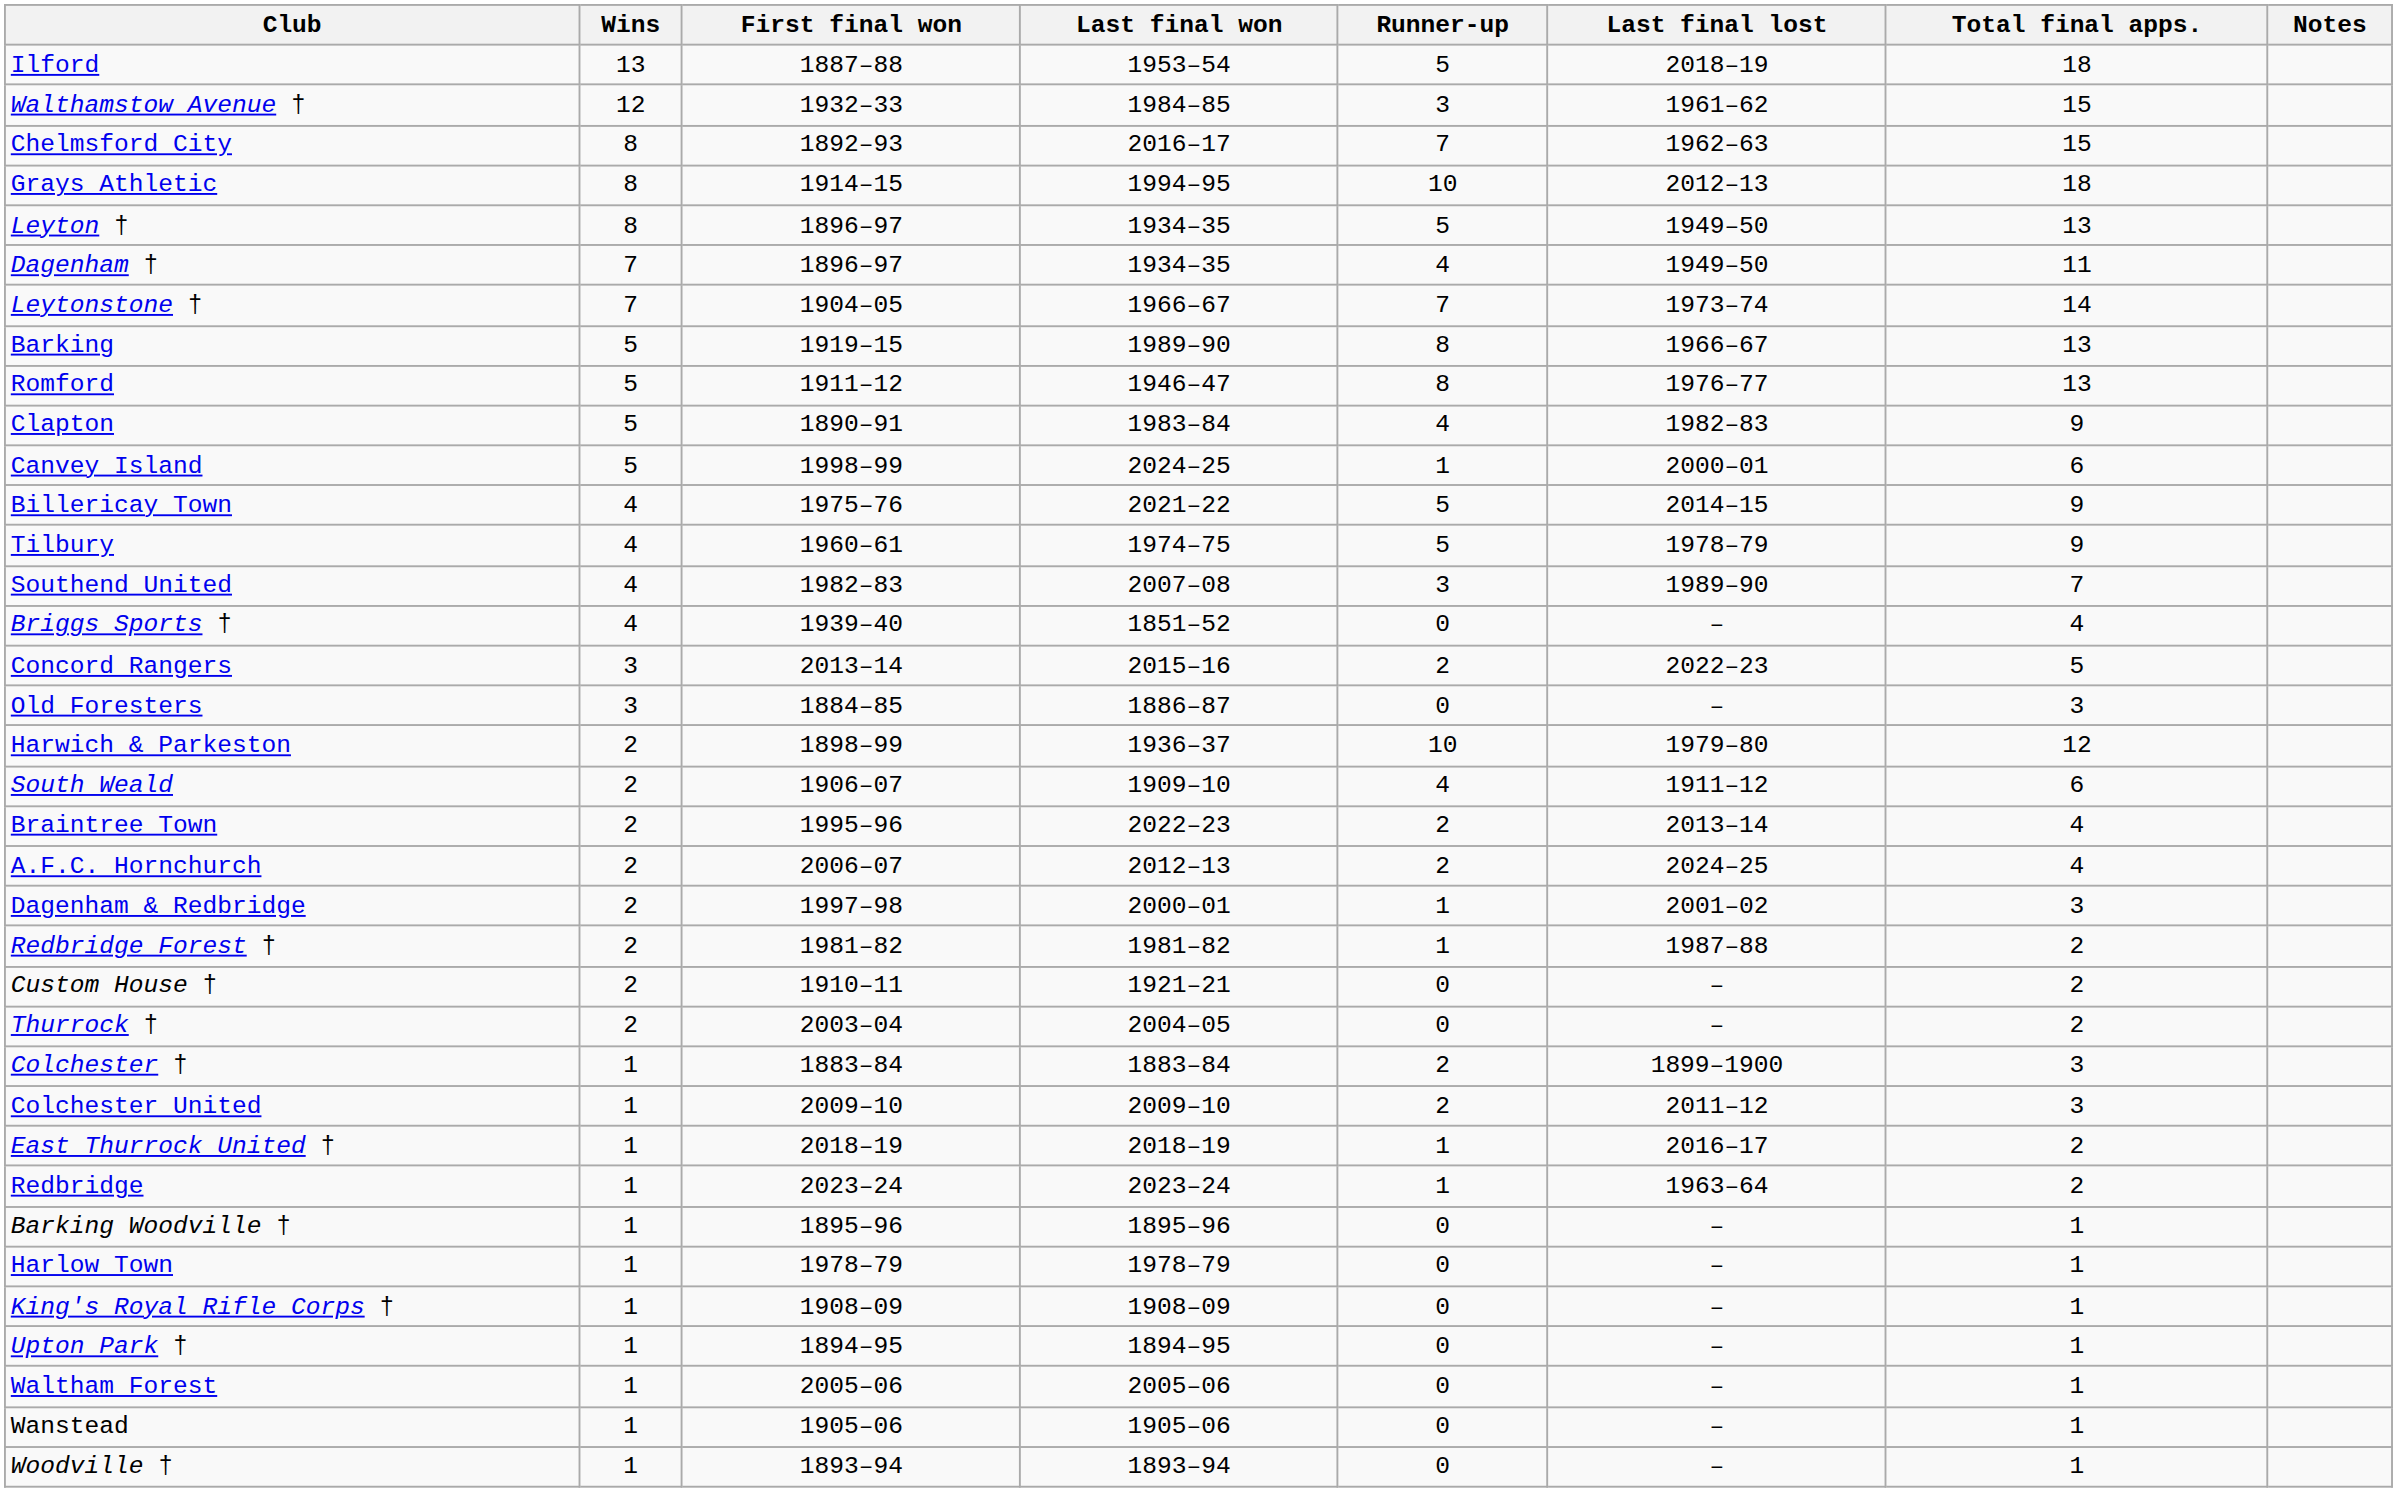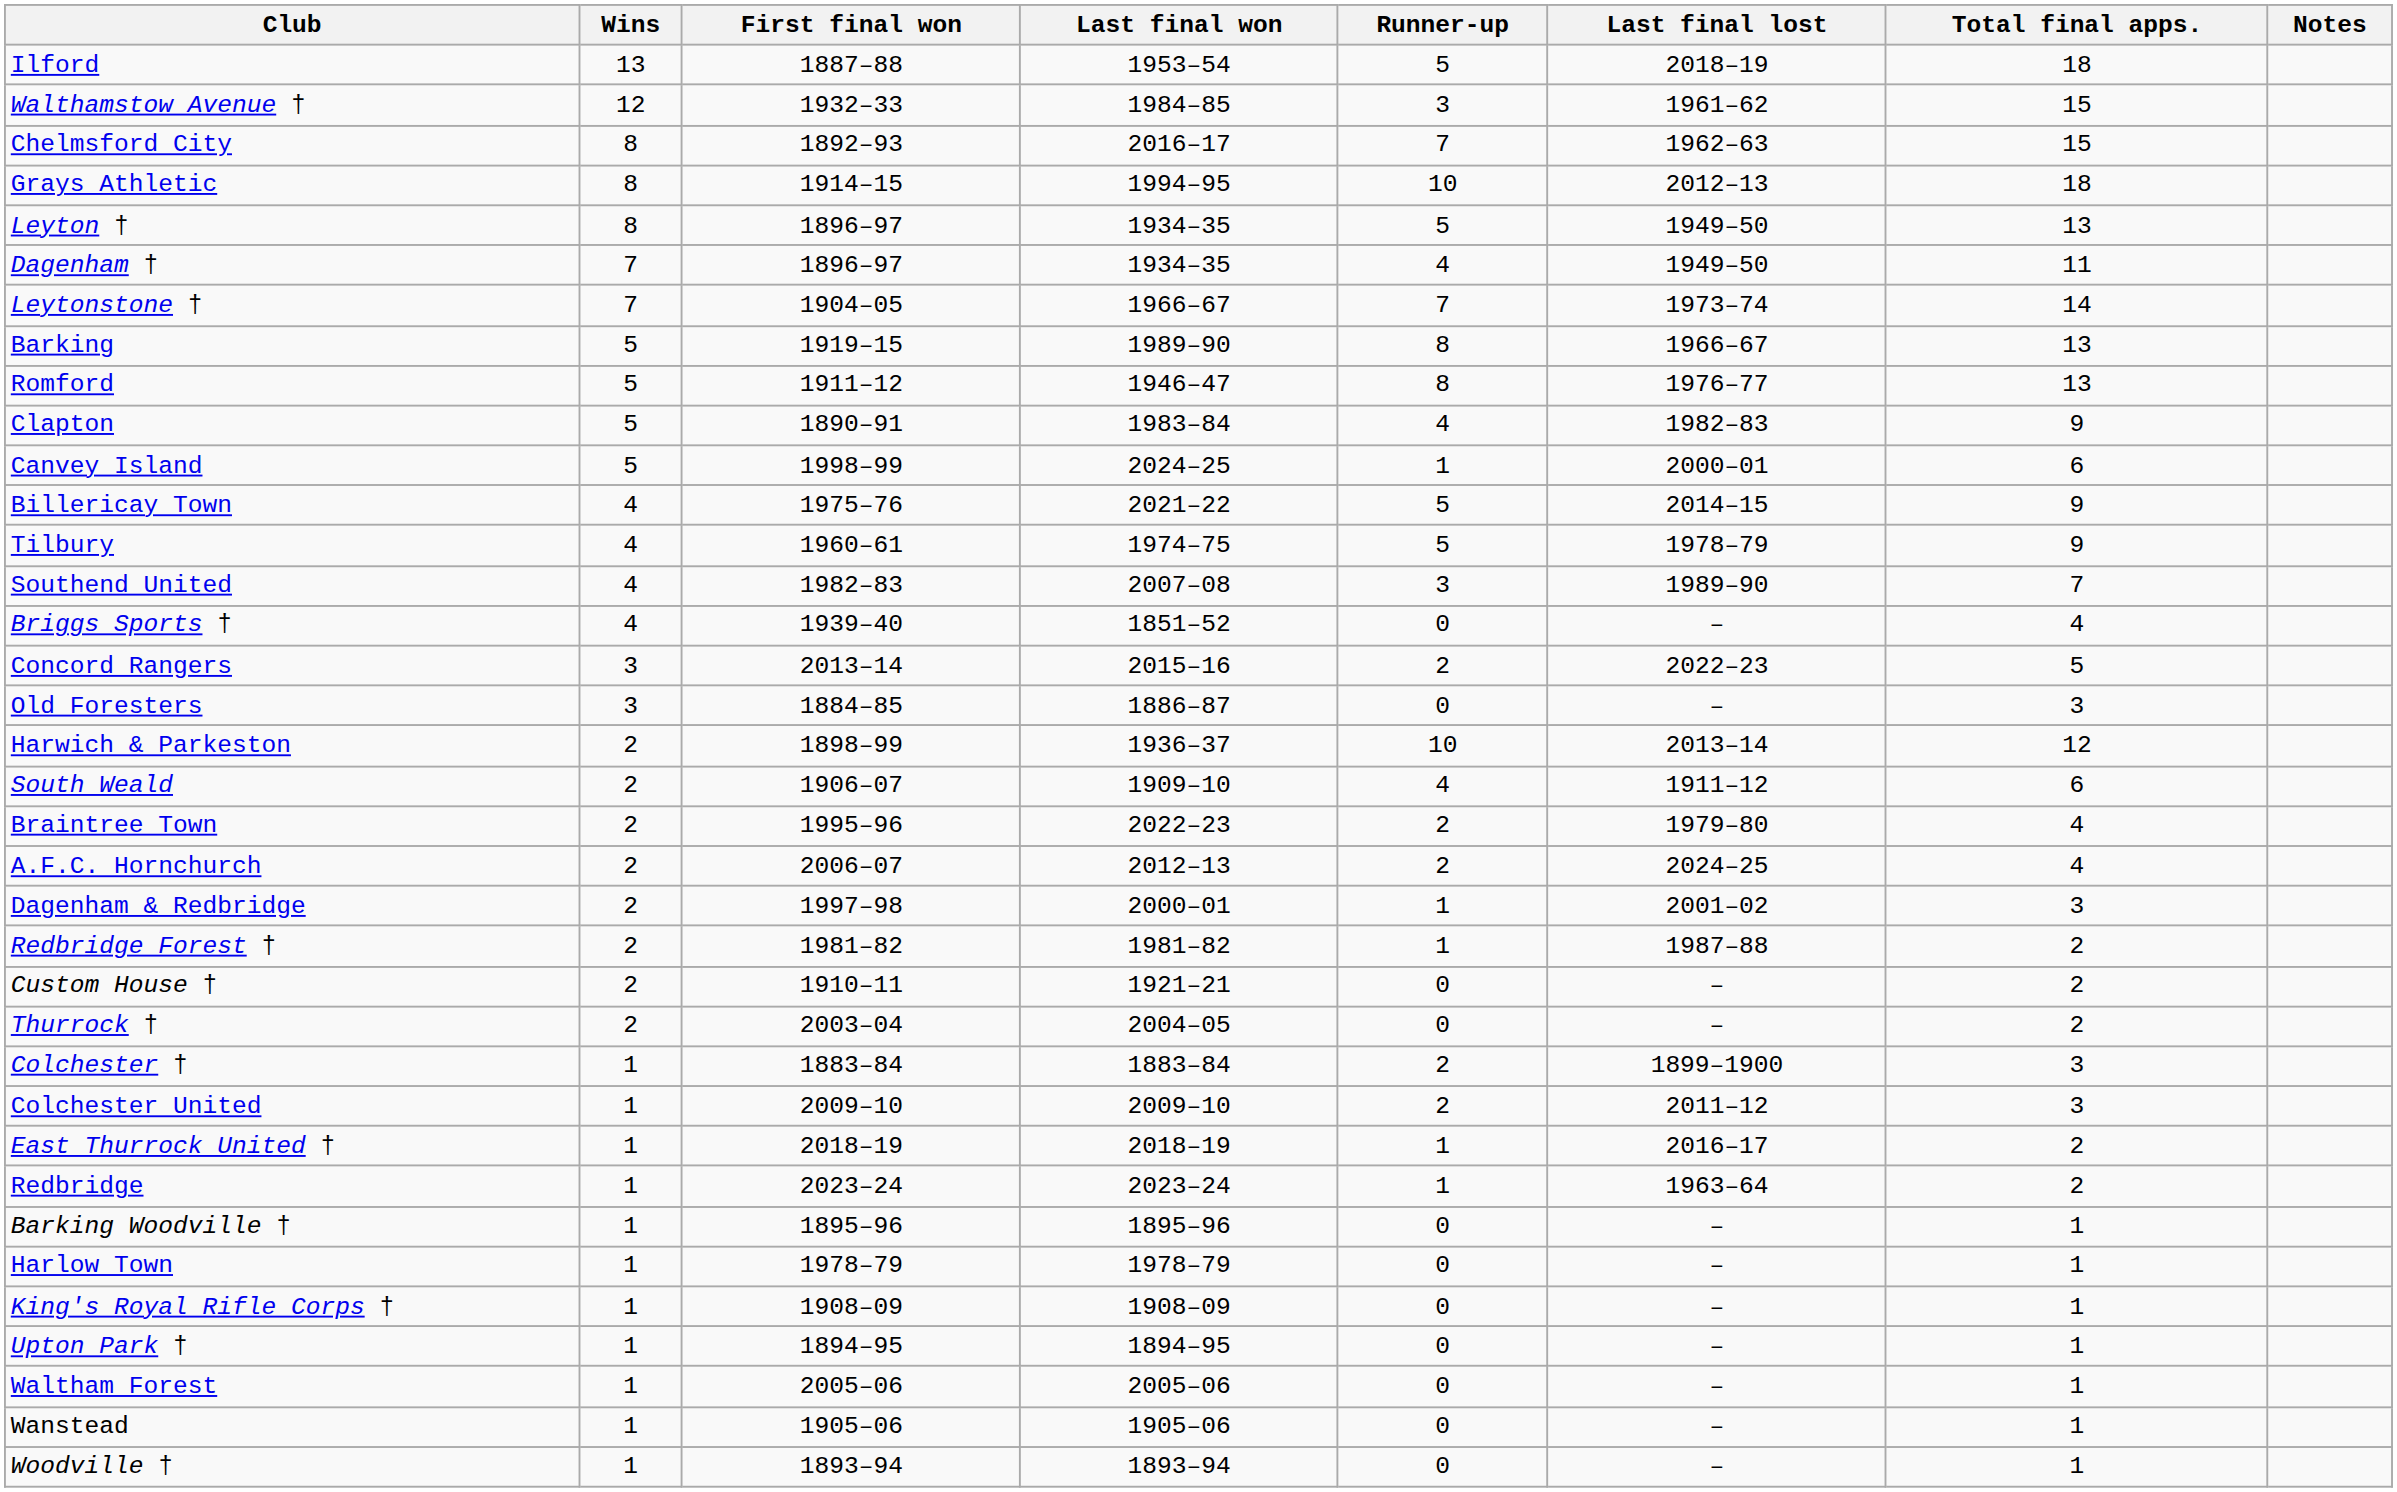 <table class="wikitable sortable" style="text-align: center; width: 100%">
 <tr>
 <th>Club</th>
 <th>Wins</th>
 <th>First final won</th>
 <th>Last final won</th>
 <th>Runner-up</th>
 <th>Last final lost</th>
 <th>Total final apps.</th>
 <th>Notes</th>
 </tr>
 <tr>
 <td style="text-align: left"><a href='#'>Ilford</a></td>
 <td>13</td>
 <td>1887–88</td>
 <td>1953–54</td>
 <td>5</td>
 <td>2018–19</td>
 <td>18</td>
 <td></td>
 </tr>
 <tr>
 <td style="text-align: left"><em><a href='#'>Walthamstow Avenue</a></em> †</td>
 <td>12</td>
 <td>1932–33</td>
 <td>1984–85</td>
 <td>3</td>
 <td>1961–62</td>
 <td>15</td>
 <td></td>
 </tr>
 <tr>
 <td style="text-align: left"><a href='#'>Chelmsford City</a></td>
 <td>8</td>
 <td>1892–93</td>
 <td>2016–17</td>
 <td>7</td>
 <td>1962–63</td>
 <td>15</td>
 <td></td>
 </tr>
 <tr>
 <td style="text-align: left"><a href='#'>Grays Athletic</a></td>
 <td>8</td>
 <td>1914–15</td>
 <td>1994–95</td>
 <td>10</td>
 <td>2012–13</td>
 <td>18</td>
 <td></td>
 </tr>
 <tr>
 <td style="text-align: left"><em><a href='#'>Leyton</a></em> †</td>
 <td>8</td>
 <td>1896–97</td>
 <td>1934–35</td>
 <td>5</td>
 <td>1949–50</td>
 <td>13</td>
 <td></td>
 </tr>
 <tr>
 <td style="text-align: left"><em><a href='#'>Dagenham</a></em> †</td>
 <td>7</td>
 <td>1896–97</td>
 <td>1934–35</td>
 <td>4</td>
 <td>1949–50</td>
 <td>11</td>
 <td></td>
 </tr>
 <tr>
 <td style="text-align: left"><em><a href='#'>Leytonstone</a></em> †</td>
 <td>7</td>
 <td>1904–05</td>
 <td>1966–67</td>
 <td>7</td>
 <td>1973–74</td>
 <td>14</td>
 <td></td>
 </tr>
 <tr>
 <td style="text-align: left"><a href='#'>Barking</a></td>
 <td>5</td>
 <td>1919–15</td>
 <td>1989–90</td>
 <td>8</td>
 <td>1966–67</td>
 <td>13</td>
 <td></td>
 </tr>
 <tr>
 <td style="text-align: left"><a href='#'>Romford</a></td>
 <td>5</td>
 <td>1911–12</td>
 <td>1946–47</td>
 <td>8</td>
 <td>1976–77</td>
 <td>13</td>
 <td></td>
 </tr>
 <tr>
 <td style="text-align: left"><a href='#'>Clapton</a></td>
 <td>5</td>
 <td>1890–91</td>
 <td>1983–84</td>
 <td>4</td>
 <td>1982–83</td>
 <td>9</td>
 <td></td>
 </tr>
 <tr>
 <td style="text-align: left"><a href='#'>Canvey Island</a></td>
 <td>5</td>
 <td>1998–99</td>
 <td>2024–25</td>
 <td>1</td>
 <td>2000–01</td>
 <td>6</td>
 <td></td>
 </tr>
 <tr>
 <td style="text-align: left"><a href='#'>Billericay Town</a></td>
 <td>4</td>
 <td>1975–76</td>
 <td>2021–22</td>
 <td>5</td>
 <td>2014–15</td>
 <td>9</td>
 <td></td>
 </tr>
 <tr>
 <td style="text-align: left"><a href='#'>Tilbury</a></td>
 <td>4</td>
 <td>1960–61</td>
 <td>1974–75</td>
 <td>5</td>
 <td>1978–79</td>
 <td>9</td>
 <td></td>
 </tr>
 <tr>
 <td style="text-align: left"><a href='#'>Southend United</a></td>
 <td>4</td>
 <td>1982–83</td>
 <td>2007–08</td>
 <td>3</td>
 <td>1989–90</td>
 <td>7</td>
 <td></td>
 </tr>
 <tr>
 <td style="text-align: left"><em><a href='#'>Briggs Sports</a></em> †</td>
 <td>4</td>
 <td>1939–40</td>
 <td>1851–52</td>
 <td>0</td>
 <td>–</td>
 <td>4</td>
 <td></td>
 </tr>
 <tr>
 <td style="text-align: left"><a href='#'>Concord Rangers</a></td>
 <td>3</td>
 <td>2013–14</td>
 <td>2015–16</td>
 <td>2</td>
 <td>2022–23</td>
 <td>5</td>
 <td></td>
 </tr>
 <tr>
 <td style="text-align: left"><a href='#'>Old Foresters</a></td>
 <td>3</td>
 <td>1884–85</td>
 <td>1886–87</td>
 <td>0</td>
 <td>–</td>
 <td>3</td>
 <td></td>
 </tr>
 <tr>
 <td style="text-align: left"><a href='#'>Harwich & Parkeston</a></td>
 <td>2</td>
 <td>1898–99</td>
 <td>1936–37</td>
 <td>10</td>
-<td>1979–80</td>
+<td>2013–14</td>
 <td>12</td>
 <td></td>
 </tr>
 <tr>
 <td style="text-align: left"><em><a href='#'>South Weald</a></em></td>
 <td>2</td>
 <td>1906–07</td>
 <td>1909–10</td>
 <td>4</td>
 <td>1911–12</td>
 <td>6</td>
 <td></td>
 </tr>
 <tr>
 <td style="text-align: left"><a href='#'>Braintree Town</a></td>
 <td>2</td>
 <td>1995–96</td>
 <td>2022–23</td>
 <td>2</td>
-<td>2013–14</td>
+<td>1979–80</td>
 <td>4</td>
 <td></td>
 </tr>
 <tr>
 <td style="text-align: left"><a href='#'>A.F.C. Hornchurch</a></td>
 <td>2</td>
 <td>2006–07</td>
 <td>2012–13</td>
 <td>2</td>
 <td>2024–25</td>
 <td>4</td>
 <td></td>
 </tr>
 <tr>
 <td style="text-align: left"><a href='#'>Dagenham & Redbridge</a></td>
 <td>2</td>
 <td>1997–98</td>
 <td>2000–01</td>
 <td>1</td>
 <td>2001–02</td>
 <td>3</td>
 <td></td>
 </tr>
 <tr>
 <td style="text-align: left"><em><a href='#'>Redbridge Forest</a></em> †</td>
 <td>2</td>
 <td>1981–82</td>
 <td>1981–82</td>
 <td>1</td>
 <td>1987–88</td>
 <td>2</td>
 <td></td>
 </tr>
 <tr>
 <td style="text-align: left"><em>Custom House</em> †</td>
 <td>2</td>
 <td>1910–11</td>
 <td>1921–21</td>
 <td>0</td>
 <td>–</td>
 <td>2</td>
 <td></td>
 </tr>
 <tr>
 <td style="text-align: left"><em><a href='#'>Thurrock</a></em> †</td>
 <td>2</td>
 <td>2003–04</td>
 <td>2004–05</td>
 <td>0</td>
 <td>–</td>
 <td>2</td>
 <td></td>
 </tr>
 <tr>
 <td style="text-align: left"><em><a href='#'>Colchester</a></em> †</td>
 <td>1</td>
 <td>1883–84</td>
 <td>1883–84</td>
 <td>2</td>
 <td>1899–1900</td>
 <td>3</td>
 <td></td>
 </tr>
 <tr>
 <td style="text-align: left"><a href='#'>Colchester United</a></td>
 <td>1</td>
 <td>2009–10</td>
 <td>2009–10</td>
 <td>2</td>
 <td>2011–12</td>
 <td>3</td>
 <td></td>
 </tr>
 <tr>
 <td style="text-align: left"><em><a href='#'>East Thurrock United</a></em> †</td>
 <td>1</td>
 <td>2018–19</td>
 <td>2018–19</td>
 <td>1</td>
 <td>2016–17</td>
 <td>2</td>
 <td></td>
 </tr>
 <tr>
 <td style="text-align: left"><a href='#'>Redbridge</a></td>
 <td>1</td>
 <td>2023–24</td>
 <td>2023–24</td>
 <td>1</td>
 <td>1963–64</td>
 <td>2</td>
 <td></td>
 </tr>
 <tr>
 <td style="text-align: left"><em>Barking Woodville</em> †</td>
 <td>1</td>
 <td>1895–96</td>
 <td>1895–96</td>
 <td>0</td>
 <td>–</td>
 <td>1</td>
 <td></td>
 </tr>
 <tr>
 <td style="text-align: left"><a href='#'>Harlow Town</a></td>
 <td>1</td>
 <td>1978–79</td>
 <td>1978–79</td>
 <td>0</td>
 <td>–</td>
 <td>1</td>
 <td></td>
 </tr>
 <tr>
 <td style="text-align: left"><em><a href='#'>King's Royal Rifle Corps</a></em> †</td>
 <td>1</td>
 <td>1908–09</td>
 <td>1908–09</td>
 <td>0</td>
 <td>–</td>
 <td>1</td>
 <td></td>
 </tr>
 <tr>
 <td style="text-align: left"><em><a href='#'>Upton Park</a></em> †</td>
 <td>1</td>
 <td>1894–95</td>
 <td>1894–95</td>
 <td>0</td>
 <td>–</td>
 <td>1</td>
 <td></td>
 </tr>
 <tr>
 <td style="text-align: left"><a href='#'>Waltham Forest</a></td>
 <td>1</td>
 <td>2005–06</td>
 <td>2005–06</td>
 <td>0</td>
 <td>–</td>
 <td>1</td>
 <td></td>
 </tr>
 <tr>
 <td style="text-align: left">Wanstead</td>
 <td>1</td>
 <td>1905–06</td>
 <td>1905–06</td>
 <td>0</td>
 <td>–</td>
 <td>1</td>
 <td></td>
 </tr>
 <tr>
 <td style="text-align: left"><em>Woodville</em> †</td>
 <td>1</td>
 <td>1893–94</td>
 <td>1893–94</td>
 <td>0</td>
 <td>–</td>
 <td>1</td>
 <td></td>
 </tr>
 </table>
